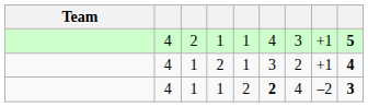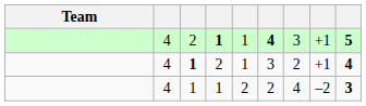 <table class="wikitable" style="text-align:center">
 <tr>
 <th width=150>Team</th>
 <th width=20></th>
 <th width=20></th>
 <th width=20></th>
 <th width=20></th>
 <th width=20></th>
 <th width=20></th>
 <th width=20></th>
 <th width=20></th>
 </tr>
 <tr style="background:#cfc;">
 <td align="left"></td>
 <td>4</td>
 <td>2</td>
+<td><strong>1</strong></td>
 <td>1</td>
-<td>1</td>
-<td>4</td>
+<td><strong>4</strong></td>
 <td>3</td>
 <td>+1</td>
 <td><strong>5</strong></td>
 </tr>
 <tr>
 <td align="left"></td>
 <td>4</td>
-<td>1</td>
+<td><strong>1</strong></td>
 <td>2</td>
 <td>1</td>
 <td>3</td>
 <td>2</td>
 <td>+1</td>
 <td><strong>4</strong></td>
 </tr>
 <tr>
 <td align="left"></td>
 <td>4</td>
 <td>1</td>
 <td>1</td>
 <td>2</td>
-<td><strong>2</strong></td>
+<td>2</td>
 <td>4</td>
 <td>–2</td>
 <td><strong>3</strong></td>
 </tr>
 </table>
